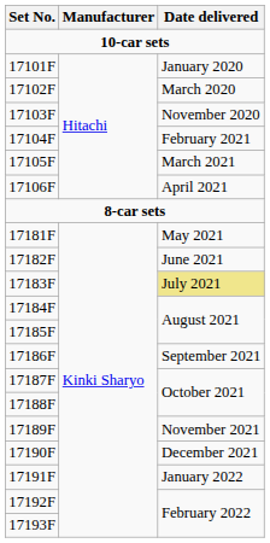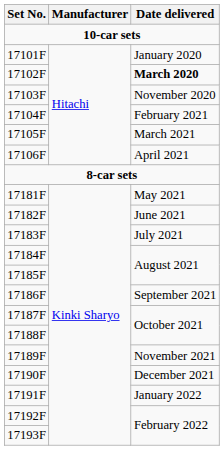 <table class="wikitable mw-collapsible mw-collapsed">
 <tr>
 <th>Set No.</th>
 <th>Manufacturer</th>
 <th>Date delivered</th>
 </tr>
 <tr>
 <td colspan="3" align="center"><strong>10-car sets</strong></td>
 </tr>
 <tr>
 <td>17101F</td>
 <td rowspan="6"><a href='#'>Hitachi</a></td>
 <td>January 2020</td>
 </tr>
 <tr>
 <td>17102F</td>
-<td>March 2020</td>
+<td><strong>March 2020</strong></td>
 </tr>
 <tr>
 <td>17103F</td>
 <td>November 2020</td>
 </tr>
 <tr>
 <td>17104F</td>
 <td>February 2021</td>
 </tr>
 <tr>
 <td>17105F</td>
 <td>March 2021</td>
 </tr>
 <tr>
 <td>17106F</td>
 <td>April 2021</td>
 </tr>
 <tr>
 <td colspan="3" align="center"><strong>8-car sets</strong></td>
 </tr>
 <tr>
 <td>17181F</td>
 <td rowspan="13"><a href='#'>Kinki Sharyo</a></td>
 <td>May 2021</td>
 </tr>
 <tr>
 <td>17182F</td>
 <td>June 2021</td>
 </tr>
 <tr>
 <td>17183F</td>
-<td style="background: khaki;">July 2021</td>
+<td>July 2021</td>
 </tr>
 <tr>
 <td>17184F</td>
 <td rowspan="2">August 2021</td>
 </tr>
 <tr>
 <td>17185F</td>
 </tr>
 <tr>
 <td>17186F</td>
 <td>September 2021</td>
 </tr>
 <tr>
 <td>17187F</td>
 <td rowspan="2">October 2021</td>
 </tr>
 <tr>
 <td>17188F</td>
 </tr>
 <tr>
 <td>17189F</td>
 <td>November 2021</td>
 </tr>
 <tr>
 <td>17190F</td>
 <td>December 2021</td>
 </tr>
 <tr>
 <td>17191F</td>
 <td>January 2022</td>
 </tr>
 <tr>
 <td>17192F</td>
 <td rowspan="2">February 2022</td>
 </tr>
 <tr>
 <td>17193F</td>
 </tr>
 </table>
